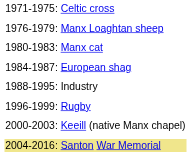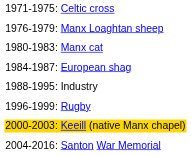 <table cellspacing="10px">
 <tr valign="top">
 <td>1971-1975: <a href='#'>Celtic cross</a><br></td>
 </tr>
 <tr valign="top">
 <td>1976-1979: <a href='#'>Manx Loaghtan sheep</a><br></td>
 </tr>
 <tr valign="top">
 <td>1980-1983: <a href='#'>Manx cat</a><br></td>
 </tr>
 <tr valign="top">
 <td>1984-1987: <a href='#'>European shag</a><br></td>
 </tr>
 <tr valign="top">
 <td>1988-1995: Industry<br></td>
 </tr>
 <tr valign="top">
 <td>1996-1999: <a href='#'>Rugby</a><br></td>
 </tr>
 <tr valign="top">
-<td>2000-2003: <a href='#'>Keeill</a> (native Manx chapel)<br></td>
+<td style="background: gold;">2000-2003: <a href='#'>Keeill</a> (native Manx chapel)<br></td>
 </tr>
 <tr valign="top">
-<td style="background: khaki;">2004-2016: <a href='#'>Santon</a> <a href='#'>War Memorial</a><br></td>
+<td>2004-2016: <a href='#'>Santon</a> <a href='#'>War Memorial</a><br></td>
 </tr>
 </table>
